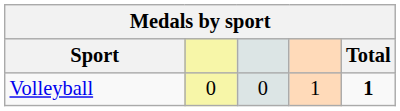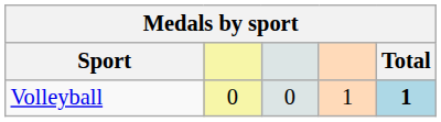 <table class="wikitable" style="font-size:90%; text-align:center;">
 <tr>
 <th colspan="5">Medals by sport</th>
 </tr>
 <tr>
 <th width="120">Sport</th>
 <th scope="col" width="30" style="background:#F7F6A8;"></th>
 <th scope="col" width="30" style="background:#DCE5E5;"></th>
 <th scope="col" width="30" style="background:#FFDAB9;"></th>
 <th width="30">Total</th>
 </tr>
 <tr>
 <td align="left"><a href='#'>Volleyball</a></td>
 <td style="background:#F7F6A8;">0</td>
 <td style="background:#DCE5E5;">0</td>
 <td style="background:#FFDAB9;">1</td>
-<td><strong>1</strong></td>
+<td style="background: lightblue;"><strong>1</strong></td>
 </tr>
 </table>
